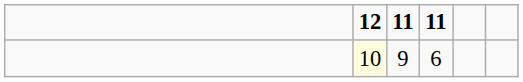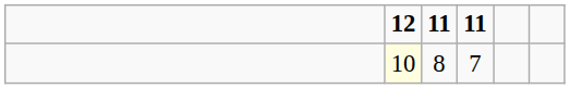 <table class="wikitable">
 <tr>
 <td style="width:15em"></td>
 <td align=center style="width:1em"><strong>12</strong></td>
 <td align=center style="width:1em"><strong>11</strong></td>
 <td align=center style="width:1em"><strong>11</strong></td>
 <td align=center style="width:1em"></td>
 <td align=center style="width:1em"></td>
 </tr>
 <tr>
 <td style="width:15em"></td>
 <td align=center style="background: lightyellow; width:1em">10</td>
-<td align=center style="width:1em">9</td>
-<td align=center style="width:1em">6</td>
+<td align=center style="width:1em">8</td>
+<td align=center style="width:1em">7</td>
 <td align=center style="width:1em"></td>
 <td align=center style="width:1em"></td>
 </tr>
 </table>
